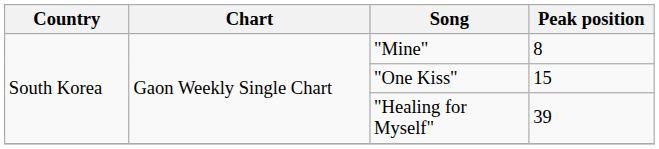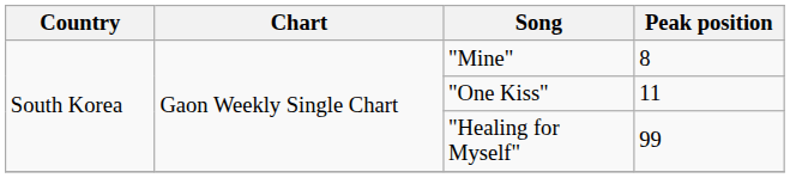 <table class="wikitable" style="align:center" style="text-align:center">
 <tr>
 <th width="100">Country</th>
 <th width="200">Chart</th>
 <th width="130">Song</th>
 <th width="100">Peak position</th>
 </tr>
 <tr>
 <td rowspan="3">South Korea</td>
 <td rowspan="3">Gaon Weekly Single Chart</td>
 <td>"Mine"</td>
 <td>8</td>
 </tr>
 <tr>
 <td>"One Kiss"</td>
-<td>15</td>
+<td>11</td>
 </tr>
 <tr>
 <td>"Healing for Myself"</td>
-<td>39</td>
+<td>99</td>
 </tr>
 <tr>
 </tr>
 </table>
